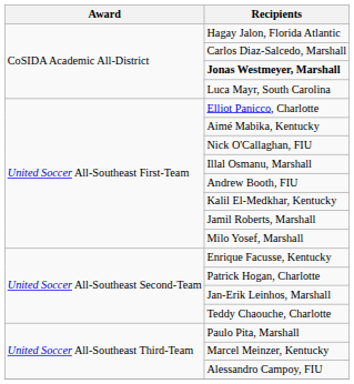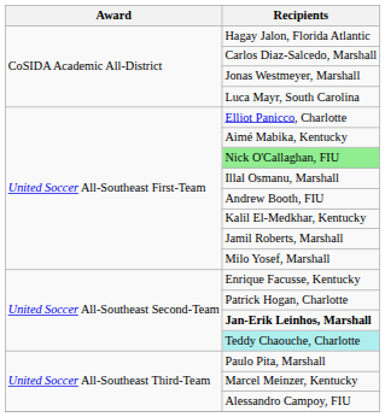 <table class="wikitable" style="white-space:nowrap; font-size:90%;">
 <tr>
 <th>Award</th>
 <th>Recipients</th>
 </tr>
 <tr>
 <td valign="middle" rowspan="4">CoSIDA Academic All-District</td>
 <td>Hagay Jalon, Florida Atlantic</td>
 </tr>
 <tr>
 <td>Carlos Diaz-Salcedo, Marshall</td>
 </tr>
 <tr>
-<td><strong>Jonas Westmeyer, Marshall</strong></td>
+<td>Jonas Westmeyer, Marshall</td>
 </tr>
 <tr>
 <td>Luca Mayr, South Carolina</td>
 </tr>
 <tr>
 <td rowspan="8"><em><a href='#'>United Soccer</a></em> All-Southeast First-Team</td>
 <td><a href='#'>Elliot Panicco</a>, Charlotte</td>
 </tr>
 <tr>
 <td>Aimé Mabika, Kentucky</td>
 </tr>
 <tr>
-<td>Nick O'Callaghan, FIU</td>
+<td style="background: lightgreen;">Nick O'Callaghan, FIU</td>
 </tr>
 <tr>
 <td>Illal Osmanu, Marshall</td>
 </tr>
 <tr>
 <td>Andrew Booth, FIU</td>
 </tr>
 <tr>
 <td>Kalil El-Medkhar, Kentucky</td>
 </tr>
 <tr>
 <td>Jamil Roberts, Marshall</td>
 </tr>
 <tr>
 <td>Milo Yosef, Marshall</td>
 </tr>
 <tr>
 <td rowspan="4"><em><a href='#'>United Soccer</a></em> All-Southeast Second-Team</td>
 <td>Enrique Facusse, Kentucky</td>
 </tr>
 <tr>
 <td>Patrick Hogan, Charlotte</td>
 </tr>
 <tr>
-<td>Jan-Erik Leinhos, Marshall</td>
+<td><strong>Jan-Erik Leinhos, Marshall</strong></td>
 </tr>
 <tr>
-<td>Teddy Chaouche, Charlotte</td>
+<td style="background: paleturquoise;">Teddy Chaouche, Charlotte</td>
 </tr>
 <tr>
 <td rowspan="3"><em><a href='#'>United Soccer</a></em> All-Southeast Third-Team</td>
 <td>Paulo Pita, Marshall</td>
 </tr>
 <tr>
 <td>Marcel Meinzer, Kentucky</td>
 </tr>
 <tr>
 <td>Alessandro Campoy, FIU</td>
 </tr>
 <tr>
 </tr>
 </table>
